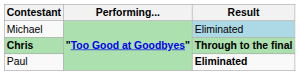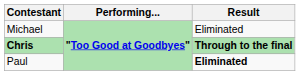 <table class="wikitable">
 <tr>
 <th>Contestant</th>
 <th>Performing...</th>
 <th>Result</th>
 </tr>
 <tr>
 <td>Michael</td>
 <td style="background:#ACE1AF;"rowspan="3"><strong>"<a href='#'>Too Good at Goodbyes</a>"</strong></td>
-<td style="background: lightblue;">Eliminated</td>
+<td>Eliminated</td>
 </tr>
 <tr>
 <td style="background:#ACE1AF;"><strong>Chris</strong></td>
 <td style="background:#ACE1AF;"><strong>Through to the final</strong></td>
 </tr>
 <tr>
 <td>Paul</td>
 <td><strong>Eliminated</strong></td>
 </tr>
 </table>
